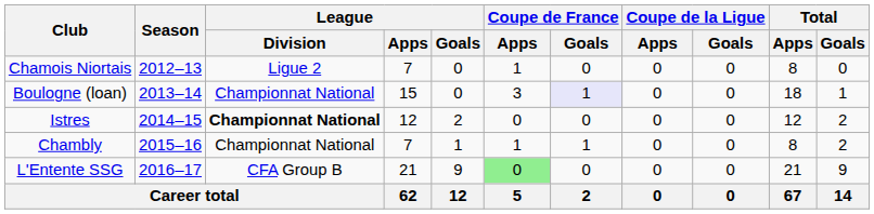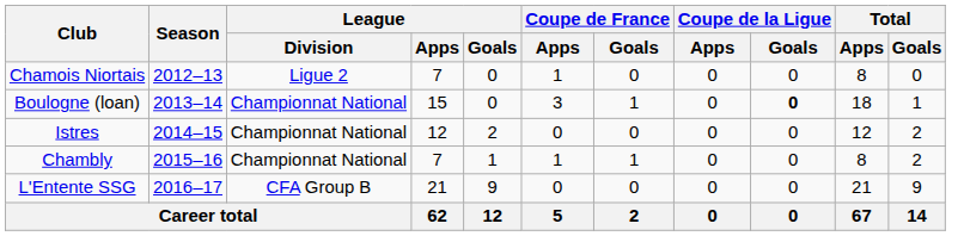 <table class="wikitable" style="text-align:center">
 <tr>
 <th rowspan="2">Club</th>
 <th rowspan="2">Season</th>
 <th colspan="3">League</th>
 <th colspan="2"><a href='#'>Coupe de France</a></th>
 <th colspan="2"><a href='#'>Coupe de la Ligue</a></th>
 <th colspan="2">Total</th>
 </tr>
 <tr>
 <th>Division</th>
 <th>Apps</th>
 <th>Goals</th>
 <th>Apps</th>
 <th>Goals</th>
 <th>Apps</th>
 <th>Goals</th>
 <th>Apps</th>
 <th>Goals</th>
 </tr>
 <tr>
 <td><a href='#'>Chamois Niortais</a></td>
 <td><a href='#'>2012–13</a></td>
 <td><a href='#'>Ligue 2</a></td>
 <td>7</td>
 <td>0</td>
 <td>1</td>
 <td>0</td>
 <td>0</td>
 <td>0</td>
 <td>8</td>
 <td>0</td>
 </tr>
 <tr>
 <td><a href='#'>Boulogne</a> (loan)</td>
 <td><a href='#'>2013–14</a></td>
 <td><a href='#'>Championnat National</a></td>
 <td>15</td>
 <td>0</td>
 <td>3</td>
-<td style="background: lavender;">1</td>
+<td>1</td>
 <td>0</td>
-<td>0</td>
+<td><strong>0</strong></td>
 <td>18</td>
 <td>1</td>
 </tr>
 <tr>
 <td><a href='#'>Istres</a></td>
 <td><a href='#'>2014–15</a></td>
-<td><strong>Championnat National</strong></td>
+<td>Championnat National</td>
 <td>12</td>
 <td>2</td>
 <td>0</td>
 <td>0</td>
 <td>0</td>
 <td>0</td>
 <td>12</td>
 <td>2</td>
 </tr>
 <tr>
 <td><a href='#'>Chambly</a></td>
 <td><a href='#'>2015–16</a></td>
 <td>Championnat National</td>
 <td>7</td>
 <td>1</td>
 <td>1</td>
 <td>1</td>
 <td>0</td>
 <td>0</td>
 <td>8</td>
 <td>2</td>
 </tr>
 <tr>
 <td><a href='#'>L'Entente SSG</a></td>
 <td><a href='#'>2016–17</a></td>
 <td><a href='#'>CFA</a> Group B</td>
 <td>21</td>
 <td>9</td>
-<td style="background: lightgreen;">0</td>
+<td>0</td>
 <td>0</td>
 <td>0</td>
 <td>0</td>
 <td>21</td>
 <td>9</td>
 </tr>
 <tr>
 <th colspan="3">Career total</th>
 <th>62</th>
 <th>12</th>
 <th>5</th>
 <th>2</th>
 <th>0</th>
 <th>0</th>
 <th>67</th>
 <th>14</th>
 </tr>
 </table>
